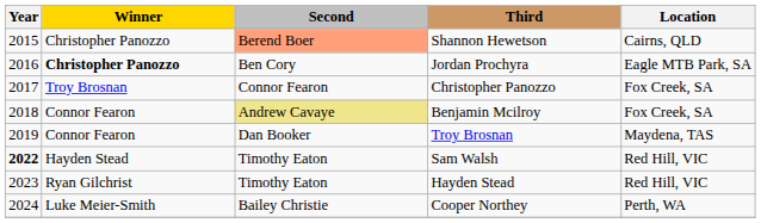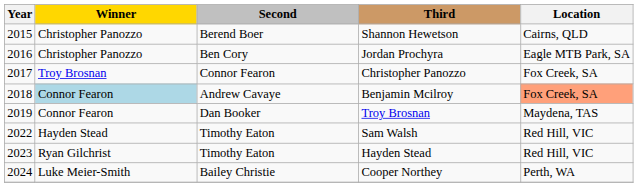 <table class="wikitable sortable">
 <tr>
 <th>Year</th>
 <th scope=col colspan=1 style="width:200px; color: black; background:gold;">Winner</th>
 <th scope=col colspan=1 style="width:200px; color: black; background:silver;">Second</th>
 <th scope=col colspan=1 style="width:200px; color: black; background:#cc9966;">Third</th>
 <th>Location</th>
 </tr>
 <tr>
 <td>2015</td>
 <td>Christopher Panozzo</td>
-<td style="background: lightsalmon;">Berend Boer</td>
+<td>Berend Boer</td>
 <td>Shannon Hewetson</td>
 <td>Cairns, QLD</td>
 </tr>
 <tr>
 <td>2016</td>
-<td><strong>Christopher Panozzo</strong></td>
+<td>Christopher Panozzo</td>
 <td>Ben Cory</td>
 <td>Jordan Prochyra</td>
 <td>Eagle MTB Park, SA</td>
 </tr>
 <tr>
 <td>2017</td>
 <td><a href='#'>Troy Brosnan</a></td>
 <td>Connor Fearon</td>
 <td>Christopher Panozzo</td>
 <td>Fox Creek, SA</td>
 </tr>
 <tr>
 <td>2018</td>
-<td>Connor Fearon</td>
-<td style="background: khaki;">Andrew Cavaye</td>
+<td style="background: lightblue;">Connor Fearon</td>
+<td>Andrew Cavaye</td>
 <td>Benjamin Mcilroy</td>
-<td>Fox Creek, SA</td>
+<td style="background: lightsalmon;">Fox Creek, SA</td>
 </tr>
 <tr>
 <td>2019</td>
 <td>Connor Fearon</td>
 <td>Dan Booker</td>
 <td><a href='#'>Troy Brosnan</a></td>
 <td>Maydena, TAS</td>
 </tr>
 <tr>
-<td><strong>2022</strong></td>
+<td>2022</td>
 <td>Hayden Stead</td>
 <td>Timothy Eaton</td>
 <td>Sam Walsh</td>
 <td>Red Hill, VIC</td>
 </tr>
 <tr>
 <td>2023</td>
 <td>Ryan Gilchrist</td>
 <td>Timothy Eaton</td>
 <td>Hayden Stead</td>
 <td>Red Hill, VIC</td>
 </tr>
 <tr>
 <td>2024</td>
 <td>Luke Meier-Smith</td>
 <td>Bailey Christie</td>
 <td>Cooper Northey</td>
 <td>Perth, WA</td>
 </tr>
 <tr>
 </tr>
 </table>
